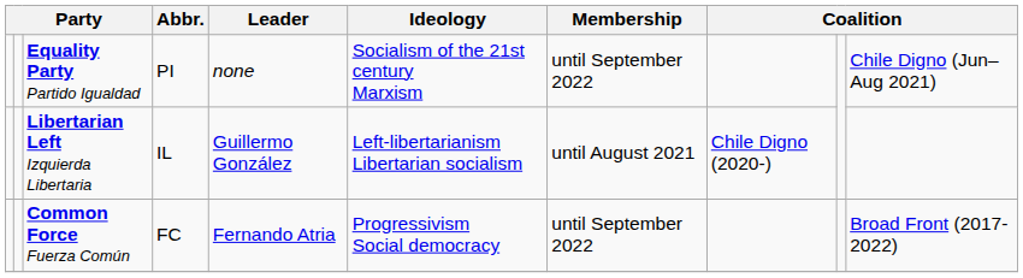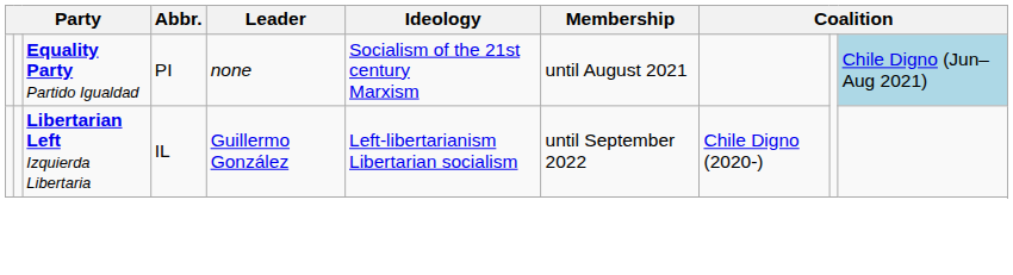 <table class="wikitable" style="font-size:100%">
 <tr>
 <th colspan=3>Party</th>
 <th>Abbr.</th>
 <th>Leader</th>
 <th>Ideology</th>
 <th>Membership</th>
 <th colspan=3>Coalition</th>
 </tr>
 <tr>
 <td style="background-color: "></td>
 <td></td>
 <td><strong><a href='#'>Equality Party</a></strong><br><small><em>Partido Igualdad</em></small></td>
 <td>PI</td>
 <td><em>none</em></td>
 <td><a href='#'>Socialism of the 21st century</a><br><a href='#'>Marxism</a></td>
-<td>until September 2022</td>
+<td>until August 2021</td>
 <td style="background-color: "></td>
 <td rowspan=2></td>
-<td><a href='#'>Chile Digno</a> (Jun–Aug 2021)</td>
+<td style="background: lightblue;"><a href='#'>Chile Digno</a> (Jun–Aug 2021)</td>
 </tr>
 <tr>
 <td style="background-color: "></td>
 <td></td>
 <td><strong><a href='#'>Libertarian Left</a></strong><br><small><em>Izquierda Libertaria</em></small></td>
 <td>IL</td>
 <td><a href='#'>Guillermo González</a></td>
 <td><a href='#'>Left-libertarianism</a><br><a href='#'>Libertarian socialism</a></td>
-<td>until August 2021</td>
+<td>until September 2022</td>
 <td><a href='#'>Chile Digno</a> (2020-)</td>
-</tr>
-<tr>
-<td style="background-color: "></td>
-<td></td>
-<td><strong><a href='#'>Common Force</a></strong><br><small><em>Fuerza Común</em></small></td>
-<td>FC</td>
-<td><a href='#'>Fernando Atria</a></td>
-<td><a href='#'>Progressivism</a><br><a href='#'>Social democracy</a></td>
-<td>until September 2022</td>
-<td style="background-color: "></td>
-<td></td>
-<td><a href='#'>Broad Front</a> (2017-2022)</td>
 </tr>
 <tr>
 </tr>
 </table>
